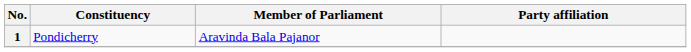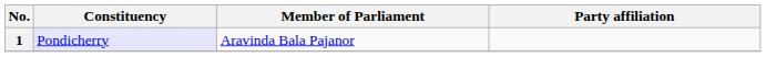 <table class="wikitable">
 <tr style="text-align:center;">
 <th>No.</th>
 <th style="width:12em">Constituency</th>
 <th style="width:18em">Member of Parliament</th>
 <th colspan="2" style="width:18em">Party affiliation</th>
 </tr>
 <tr>
 <th>1</th>
-<td><a href='#'>Pondicherry</a></td>
+<td style="background: lavender;"><a href='#'>Pondicherry</a></td>
 <td><a href='#'>Aravinda Bala Pajanor</a></td>
 <td></td>
 </tr>
 <tr>
 </tr>
 </table>
